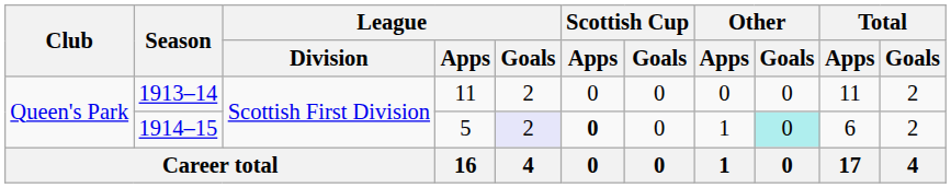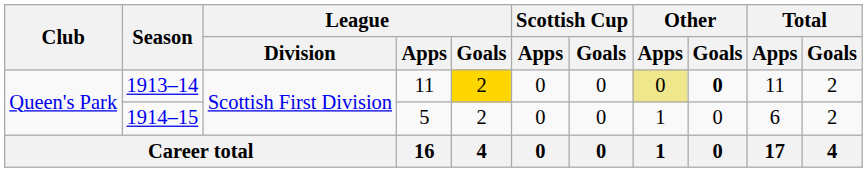 <table class="wikitable" style="text-align: center;">
 <tr>
 <th rowspan="2">Club</th>
 <th rowspan="2">Season</th>
 <th colspan="3">League</th>
 <th colspan="2">Scottish Cup</th>
 <th colspan="2">Other</th>
 <th colspan="2">Total</th>
 </tr>
 <tr>
 <th>Division</th>
 <th>Apps</th>
 <th>Goals</th>
 <th>Apps</th>
 <th>Goals</th>
 <th>Apps</th>
 <th>Goals</th>
 <th>Apps</th>
 <th>Goals</th>
 </tr>
 <tr>
 <td rowspan="2"><a href='#'>Queen's Park</a></td>
 <td><a href='#'>1913–14</a></td>
 <td rowspan="2"><a href='#'>Scottish First Division</a></td>
 <td>11</td>
-<td>2</td>
+<td style="background: gold;">2</td>
 <td>0</td>
 <td>0</td>
-<td>0</td>
-<td>0</td>
+<td style="background: khaki;">0</td>
+<td><strong>0</strong></td>
 <td>11</td>
 <td>2</td>
 </tr>
 <tr>
 <td><a href='#'>1914–15</a></td>
 <td>5</td>
-<td style="background: lavender;">2</td>
-<td><strong>0</strong></td>
+<td>2</td>
+<td>0</td>
 <td>0</td>
 <td>1</td>
-<td style="background: paleturquoise;">0</td>
+<td>0</td>
 <td>6</td>
 <td>2</td>
 </tr>
 <tr>
 <th colspan="3">Career total</th>
 <th>16</th>
 <th>4</th>
 <th>0</th>
 <th>0</th>
 <th>1</th>
 <th>0</th>
 <th>17</th>
 <th>4</th>
 </tr>
 </table>
